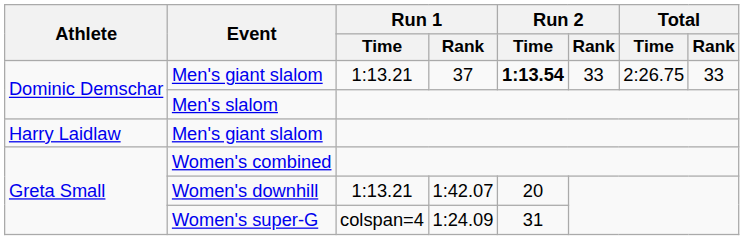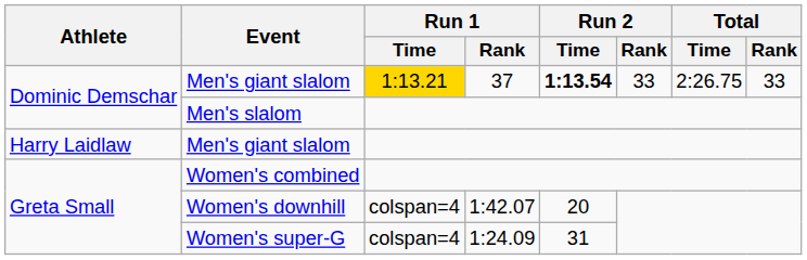 <table class="wikitable" style="font-size:90%">
 <tr>
 <th rowspan=2>Athlete</th>
 <th rowspan=2>Event</th>
 <th colspan=2>Run 1</th>
 <th colspan=2>Run 2</th>
 <th colspan=2>Total</th>
 </tr>
 <tr style="font-size:95%">
 <th>Time</th>
 <th>Rank</th>
 <th>Time</th>
 <th>Rank</th>
 <th>Time</th>
 <th>Rank</th>
 </tr>
 <tr align=center>
 <td align=left rowspan=2><a href='#'>Dominic Demschar</a></td>
 <td align=left><a href='#'>Men's giant slalom</a></td>
-<td>1:13.21</td>
+<td style="background: gold;">1:13.21</td>
 <td>37</td>
 <td><strong>1:13.54</strong></td>
 <td>33</td>
 <td>2:26.75</td>
 <td>33</td>
 </tr>
 <tr align=center>
 <td align=left><a href='#'>Men's slalom</a></td>
 <td colspan=6></td>
 </tr>
 <tr align=center>
 <td align=left><a href='#'>Harry Laidlaw</a></td>
 <td align=left><a href='#'>Men's giant slalom</a></td>
 <td colspan=6></td>
 </tr>
 <tr align=center>
 <td align=left rowspan=3><a href='#'>Greta Small</a></td>
 <td align=left><a href='#'>Women's combined</a></td>
 <td colspan=6></td>
 </tr>
 <tr align=center>
 <td align=left><a href='#'>Women's downhill</a></td>
-<td>1:13.21</td>
+<td>colspan=4 </td>
 <td>1:42.07</td>
 <td>20</td>
 </tr>
 <tr align=center>
 <td align=left><a href='#'>Women's super-G</a></td>
 <td>colspan=4 </td>
 <td>1:24.09</td>
 <td>31</td>
 </tr>
 </table>
